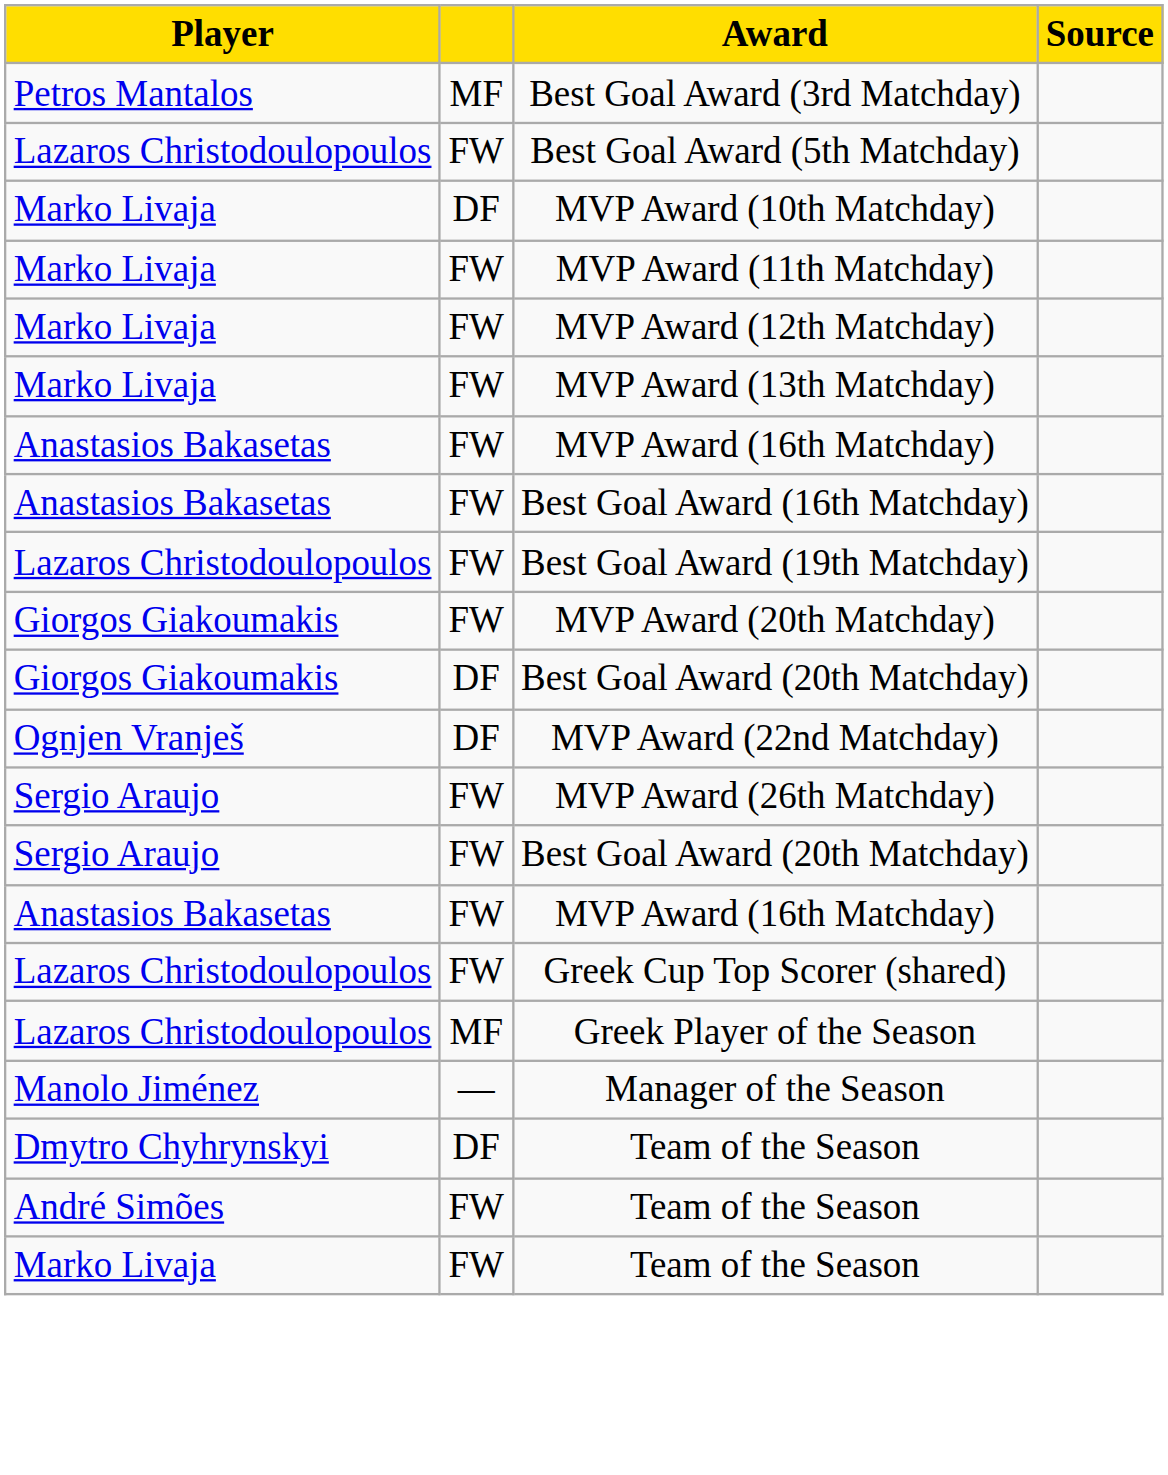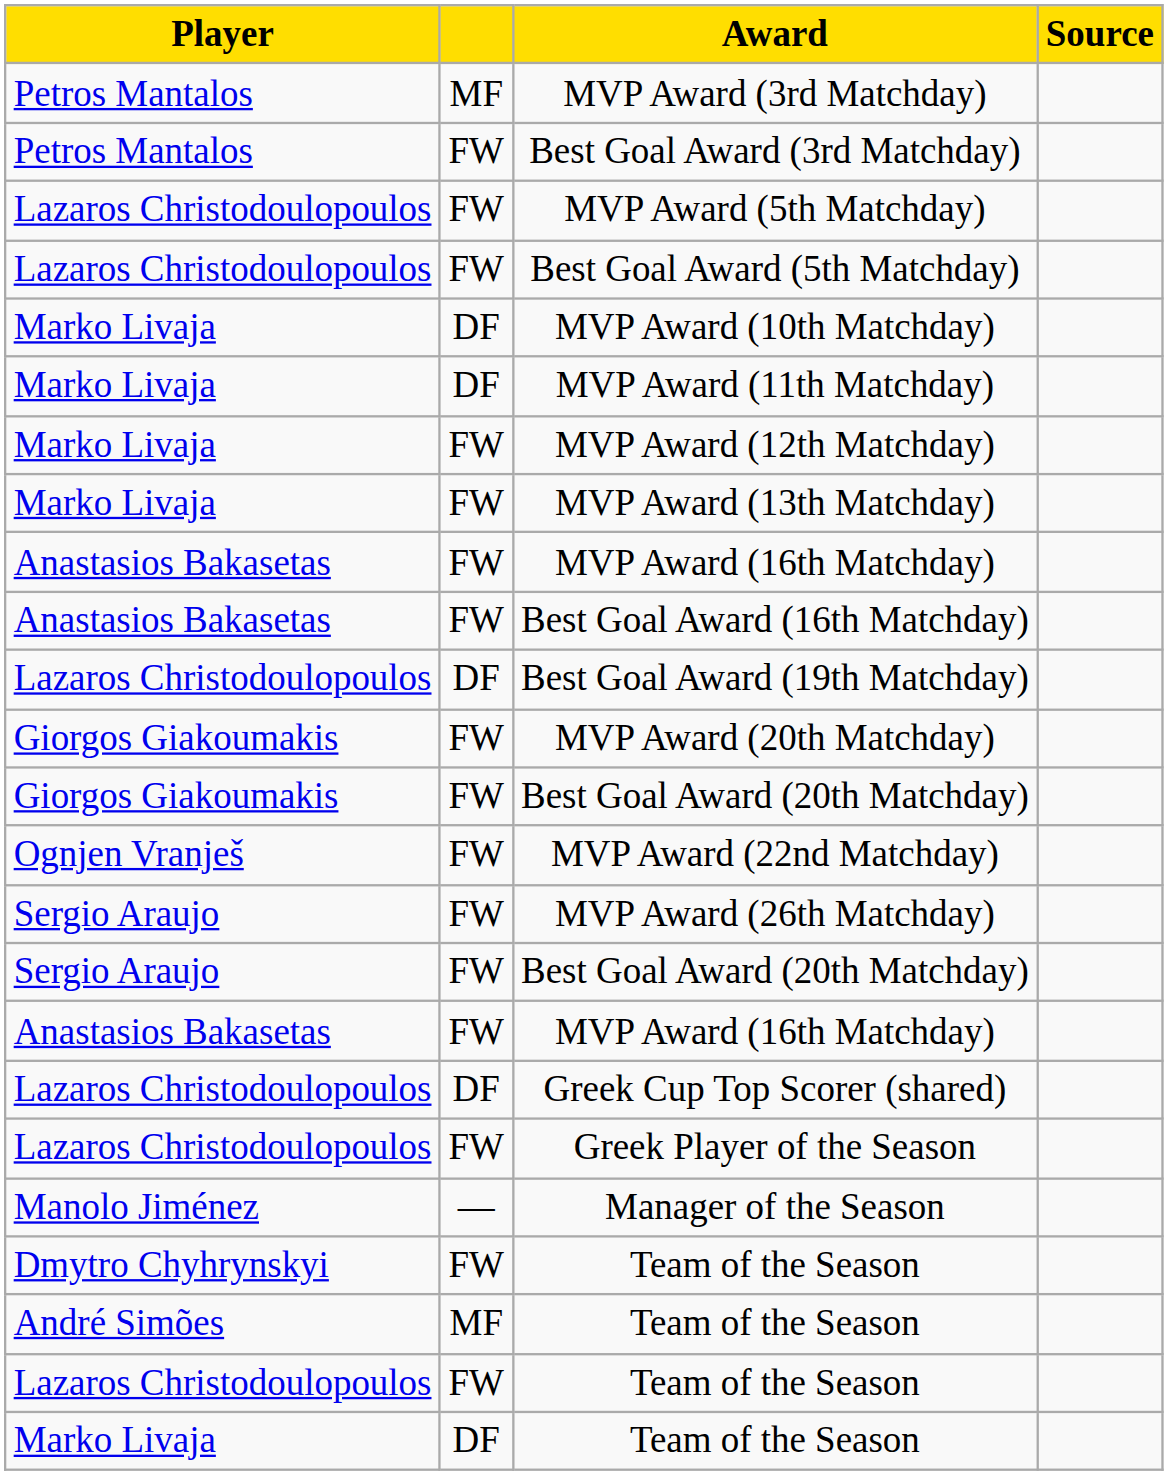 <table class="wikitable">
 <tr>
 <th style="background:#FFDE00">Player</th>
 <th style="background:#FFDE00"></th>
 <th style="background:#FFDE00">Award</th>
 <th style="background:#FFDE00">Source</th>
 </tr>
 <tr>
 <td> <a href='#'>Petros Mantalos</a></td>
 <td align="center">MF</td>
+<td align="center">MVP Award (3rd Matchday)</td>
+<td align="center"></td>
+</tr>
+<tr>
+<td> <a href='#'>Petros Mantalos</a></td>
+<td align="center">FW</td>
 <td align="center">Best Goal Award (3rd Matchday)</td>
+<td align="center"></td>
+</tr>
+<tr>
+<td> <a href='#'>Lazaros Christodoulopoulos</a></td>
+<td align="center">FW</td>
+<td align="center">MVP Award (5th Matchday)</td>
 <td align="center"></td>
 </tr>
 <tr>
 <td> <a href='#'>Lazaros Christodoulopoulos</a></td>
 <td align="center">FW</td>
 <td align="center">Best Goal Award (5th Matchday)</td>
 <td align="center"></td>
 </tr>
 <tr>
 <td> <a href='#'>Marko Livaja</a></td>
 <td align="center">DF</td>
 <td align="center">MVP Award (10th Matchday)</td>
 <td align="center"></td>
 </tr>
 <tr>
 <td> <a href='#'>Marko Livaja</a></td>
-<td align="center">FW</td>
+<td align="center">DF</td>
 <td align="center">MVP Award (11th Matchday)</td>
 <td align="center"></td>
 </tr>
 <tr>
 <td> <a href='#'>Marko Livaja</a></td>
 <td align="center">FW</td>
 <td align="center">MVP Award (12th Matchday)</td>
 <td align="center"></td>
 </tr>
 <tr>
 <td> <a href='#'>Marko Livaja</a></td>
 <td align="center">FW</td>
 <td align="center">MVP Award (13th Matchday)</td>
 <td align="center"></td>
 </tr>
 <tr>
 <td> <a href='#'>Anastasios Bakasetas</a></td>
 <td align="center">FW</td>
 <td align="center">MVP Award (16th Matchday)</td>
 <td align="center"></td>
 </tr>
 <tr>
 <td> <a href='#'>Anastasios Bakasetas</a></td>
 <td align="center">FW</td>
 <td align="center">Best Goal Award (16th Matchday)</td>
 <td align="center"></td>
 </tr>
 <tr>
 <td> <a href='#'>Lazaros Christodoulopoulos</a></td>
-<td align="center">FW</td>
+<td align="center">DF</td>
 <td align="center">Best Goal Award (19th Matchday)</td>
 <td align="center"></td>
 </tr>
 <tr>
 <td> <a href='#'>Giorgos Giakoumakis</a></td>
 <td align="center">FW</td>
 <td align="center">MVP Award (20th Matchday)</td>
 <td align="center"></td>
 </tr>
 <tr>
 <td> <a href='#'>Giorgos Giakoumakis</a></td>
-<td align="center">DF</td>
+<td align="center">FW</td>
 <td align="center">Best Goal Award (20th Matchday)</td>
 <td align="center"></td>
 </tr>
 <tr>
 <td> <a href='#'>Ognjen Vranješ</a></td>
-<td align="center">DF</td>
+<td align="center">FW</td>
 <td align="center">MVP Award (22nd Matchday)</td>
 <td align="center"></td>
 </tr>
 <tr>
 <td> <a href='#'>Sergio Araujo</a></td>
 <td align="center">FW</td>
 <td align="center">MVP Award (26th Matchday)</td>
 <td align="center"></td>
 </tr>
 <tr>
 <td> <a href='#'>Sergio Araujo</a></td>
 <td align="center">FW</td>
 <td align="center">Best Goal Award (20th Matchday)</td>
 <td align="center"></td>
 </tr>
 <tr>
 <td> <a href='#'>Anastasios Bakasetas</a></td>
 <td align="center">FW</td>
 <td align="center">MVP Award (16th Matchday)</td>
 <td align="center"></td>
 </tr>
 <tr>
 <td> <a href='#'>Lazaros Christodoulopoulos</a></td>
-<td align="center">FW</td>
+<td align="center">DF</td>
 <td align="center">Greek Cup Top Scorer (shared)</td>
 <td align="center"></td>
 </tr>
 <tr>
 <td> <a href='#'>Lazaros Christodoulopoulos</a></td>
-<td align="center">MF</td>
+<td align="center">FW</td>
 <td align="center">Greek Player of the Season</td>
 <td align="center"></td>
 </tr>
 <tr>
 <td> <a href='#'>Manolo Jiménez</a></td>
 <td align="center">—</td>
 <td align="center">Manager of the Season</td>
 <td align="center"></td>
 </tr>
 <tr>
 <td> <a href='#'>Dmytro Chyhrynskyi</a></td>
-<td align="center">DF</td>
+<td align="center">FW</td>
 <td align="center">Team of the Season</td>
 <td align="center"></td>
 </tr>
 <tr>
 <td> <a href='#'>André Simões</a></td>
+<td align="center">MF</td>
+<td align="center">Team of the Season</td>
+<td align="center"></td>
+</tr>
+<tr>
+<td> <a href='#'>Lazaros Christodoulopoulos</a></td>
 <td align="center">FW</td>
 <td align="center">Team of the Season</td>
 <td align="center"></td>
 </tr>
 <tr>
 <td> <a href='#'>Marko Livaja</a></td>
-<td align="center">FW</td>
+<td align="center">DF</td>
 <td align="center">Team of the Season</td>
 <td align="center"></td>
 </tr>
 </table>
